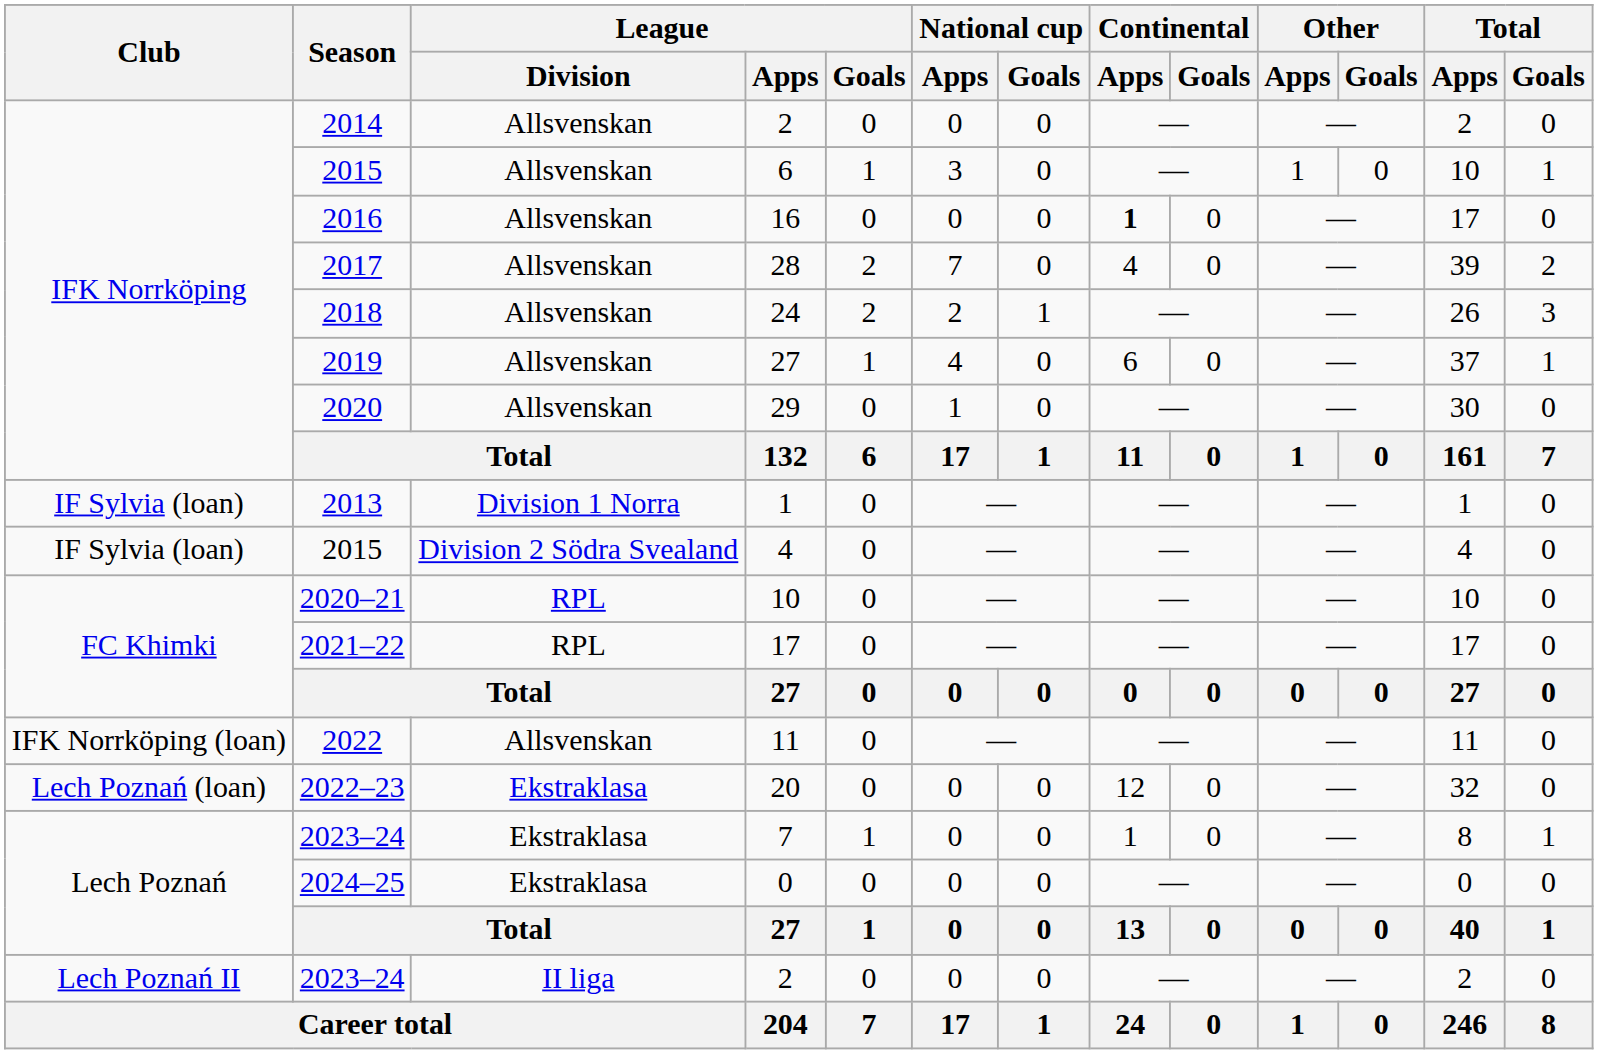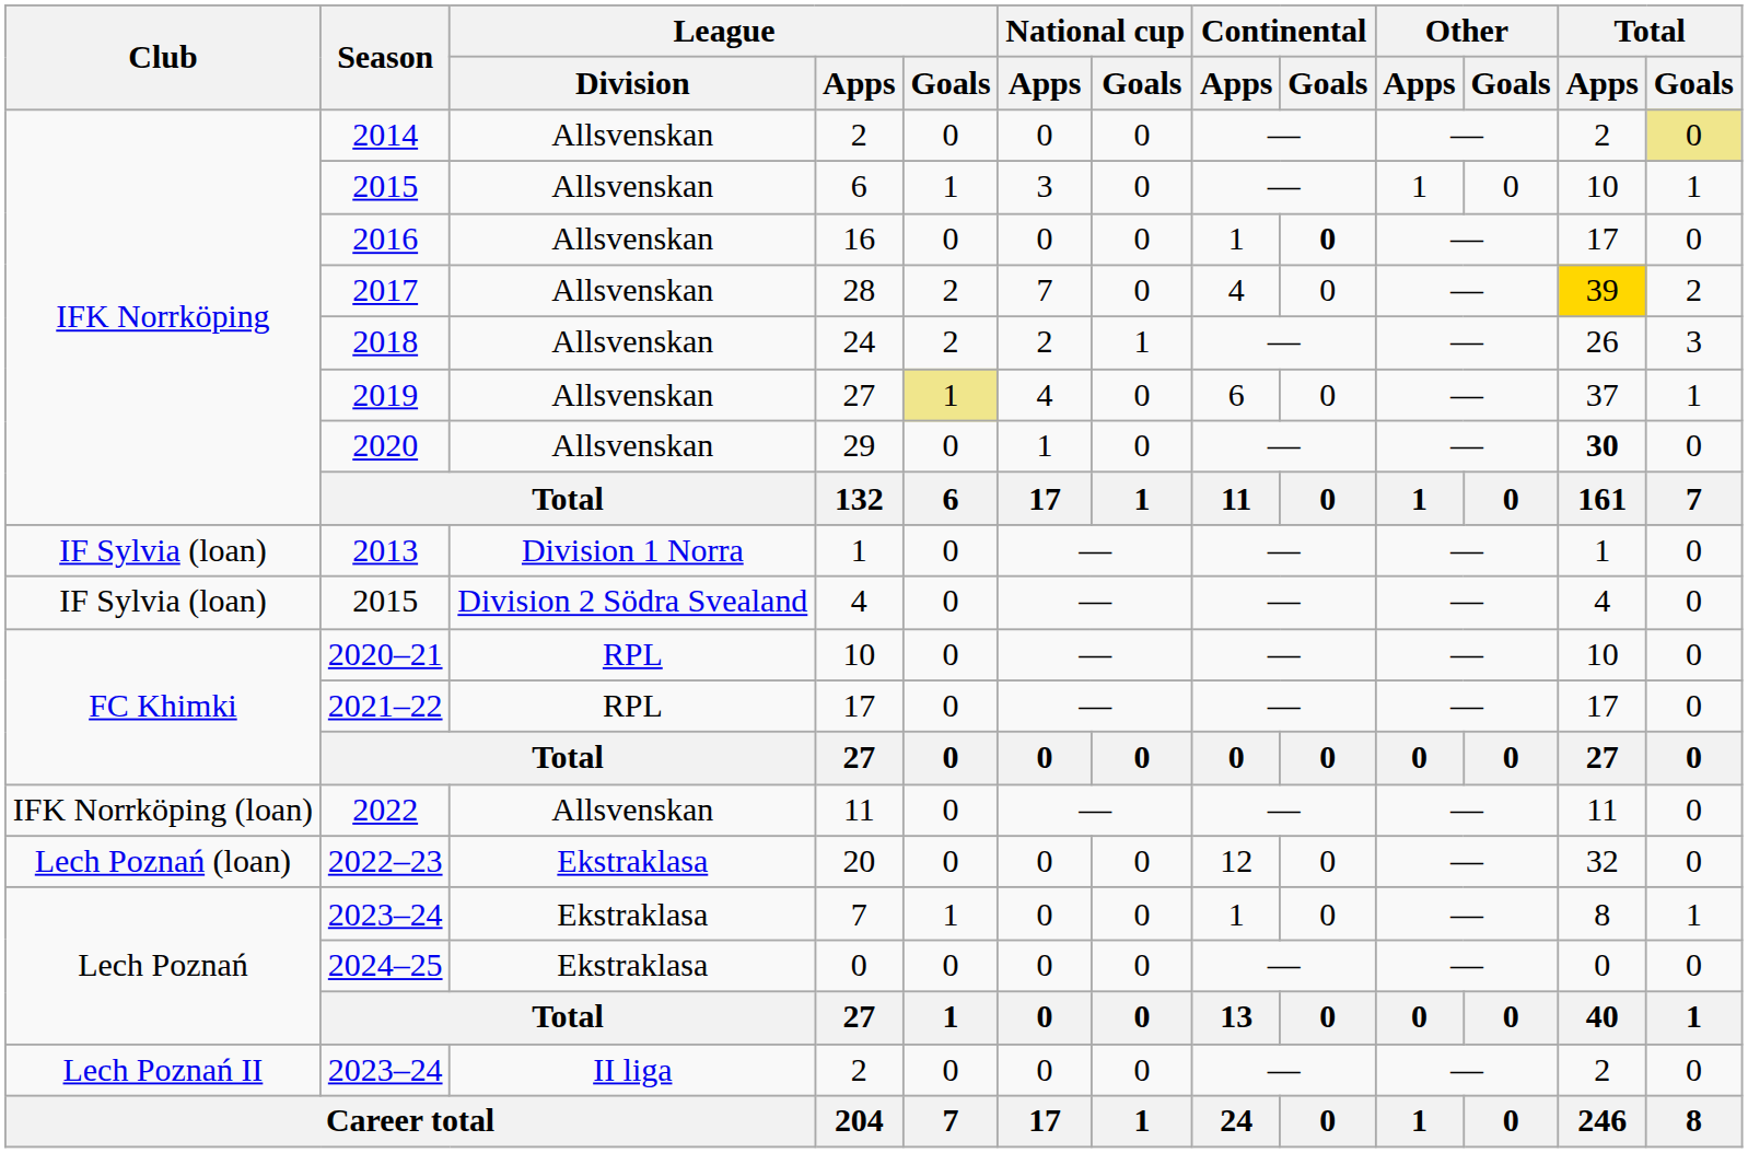 <table class="wikitable" style="text-align: center;">
 <tr>
 <th rowspan="2">Club</th>
 <th rowspan="2">Season</th>
 <th colspan="3">League</th>
 <th colspan="2">National cup</th>
 <th colspan="2">Continental</th>
 <th colspan="2">Other</th>
 <th colspan="2">Total</th>
 </tr>
 <tr>
 <th>Division</th>
 <th>Apps</th>
 <th>Goals</th>
 <th>Apps</th>
 <th>Goals</th>
 <th>Apps</th>
 <th>Goals</th>
 <th>Apps</th>
 <th>Goals</th>
 <th>Apps</th>
 <th>Goals</th>
 </tr>
 <tr>
 <td rowspan="8"><a href='#'>IFK Norrköping</a></td>
 <td><a href='#'>2014</a></td>
 <td>Allsvenskan</td>
 <td>2</td>
 <td>0</td>
 <td>0</td>
 <td>0</td>
 <td colspan="2">—</td>
 <td colspan="2">—</td>
 <td>2</td>
-<td>0</td>
+<td style="background: khaki;">0</td>
 </tr>
 <tr>
 <td><a href='#'>2015</a></td>
 <td>Allsvenskan</td>
 <td>6</td>
 <td>1</td>
 <td>3</td>
 <td>0</td>
 <td colspan="2">—</td>
 <td>1</td>
 <td>0</td>
 <td>10</td>
 <td>1</td>
 </tr>
 <tr>
 <td><a href='#'>2016</a></td>
 <td>Allsvenskan</td>
 <td>16</td>
 <td>0</td>
 <td>0</td>
 <td>0</td>
-<td><strong>1</strong></td>
-<td>0</td>
+<td>1</td>
+<td><strong>0</strong></td>
 <td colspan="2">—</td>
 <td>17</td>
 <td>0</td>
 </tr>
 <tr>
 <td><a href='#'>2017</a></td>
 <td>Allsvenskan</td>
 <td>28</td>
 <td>2</td>
 <td>7</td>
 <td>0</td>
 <td>4</td>
 <td>0</td>
 <td colspan="2">—</td>
-<td>39</td>
+<td style="background: gold;">39</td>
 <td>2</td>
 </tr>
 <tr>
 <td><a href='#'>2018</a></td>
 <td>Allsvenskan</td>
 <td>24</td>
 <td>2</td>
 <td>2</td>
 <td>1</td>
 <td colspan="2">—</td>
 <td colspan="2">—</td>
 <td>26</td>
 <td>3</td>
 </tr>
 <tr>
 <td><a href='#'>2019</a></td>
 <td>Allsvenskan</td>
 <td>27</td>
-<td>1</td>
+<td style="background: khaki;">1</td>
 <td>4</td>
 <td>0</td>
 <td>6</td>
 <td>0</td>
 <td colspan="2">—</td>
 <td>37</td>
 <td>1</td>
 </tr>
 <tr>
 <td><a href='#'>2020</a></td>
 <td>Allsvenskan</td>
 <td>29</td>
 <td>0</td>
 <td>1</td>
 <td>0</td>
 <td colspan="2">—</td>
 <td colspan="2">—</td>
-<td>30</td>
+<td><strong>30</strong></td>
 <td>0</td>
 </tr>
 <tr>
 <th colspan="2">Total</th>
 <th>132</th>
 <th>6</th>
 <th>17</th>
 <th>1</th>
 <th>11</th>
 <th>0</th>
 <th>1</th>
 <th>0</th>
 <th>161</th>
 <th>7</th>
 </tr>
 <tr>
 <td><a href='#'>IF Sylvia</a> (loan)</td>
 <td><a href='#'>2013</a></td>
 <td><a href='#'>Division 1 Norra</a></td>
 <td>1</td>
 <td>0</td>
 <td colspan="2">—</td>
 <td colspan="2">—</td>
 <td colspan="2">—</td>
 <td>1</td>
 <td>0</td>
 </tr>
 <tr>
 <td>IF Sylvia (loan)</td>
 <td>2015</td>
 <td><a href='#'>Division 2 Södra Svealand</a></td>
 <td>4</td>
 <td>0</td>
 <td colspan="2">—</td>
 <td colspan="2">—</td>
 <td colspan="2">—</td>
 <td>4</td>
 <td>0</td>
 </tr>
 <tr>
 <td rowspan="3"><a href='#'>FC Khimki</a></td>
 <td><a href='#'>2020–21</a></td>
 <td><a href='#'>RPL</a></td>
 <td>10</td>
 <td>0</td>
 <td colspan="2">—</td>
 <td colspan="2">—</td>
 <td colspan="2">—</td>
 <td>10</td>
 <td>0</td>
 </tr>
 <tr>
 <td><a href='#'>2021–22</a></td>
 <td>RPL</td>
 <td>17</td>
 <td>0</td>
 <td colspan="2">—</td>
 <td colspan="2">—</td>
 <td colspan="2">—</td>
 <td>17</td>
 <td>0</td>
 </tr>
 <tr>
 <th colspan="2">Total</th>
 <th>27</th>
 <th>0</th>
 <th>0</th>
 <th>0</th>
 <th>0</th>
 <th>0</th>
 <th>0</th>
 <th>0</th>
 <th>27</th>
 <th>0</th>
 </tr>
 <tr>
 <td>IFK Norrköping (loan)</td>
 <td><a href='#'>2022</a></td>
 <td>Allsvenskan</td>
 <td>11</td>
 <td>0</td>
 <td colspan="2">—</td>
 <td colspan="2">—</td>
 <td colspan="2">—</td>
 <td>11</td>
 <td>0</td>
 </tr>
 <tr>
 <td><a href='#'>Lech Poznań</a> (loan)</td>
 <td><a href='#'>2022–23</a></td>
 <td><a href='#'>Ekstraklasa</a></td>
 <td>20</td>
 <td>0</td>
 <td>0</td>
 <td>0</td>
 <td>12</td>
 <td>0</td>
 <td colspan="2">—</td>
 <td>32</td>
 <td>0</td>
 </tr>
 <tr>
 <td rowspan="3">Lech Poznań</td>
 <td><a href='#'>2023–24</a></td>
 <td>Ekstraklasa</td>
 <td>7</td>
 <td>1</td>
 <td>0</td>
 <td>0</td>
 <td>1</td>
 <td>0</td>
 <td colspan="2">—</td>
 <td>8</td>
 <td>1</td>
 </tr>
 <tr>
 <td><a href='#'>2024–25</a></td>
 <td>Ekstraklasa</td>
 <td>0</td>
 <td>0</td>
 <td>0</td>
 <td>0</td>
 <td colspan="2">—</td>
 <td colspan="2">—</td>
 <td>0</td>
 <td>0</td>
 </tr>
 <tr>
 <th colspan="2">Total</th>
 <th>27</th>
 <th>1</th>
 <th>0</th>
 <th>0</th>
 <th>13</th>
 <th>0</th>
 <th>0</th>
 <th>0</th>
 <th>40</th>
 <th>1</th>
 </tr>
 <tr>
 <td><a href='#'>Lech Poznań II</a></td>
 <td><a href='#'>2023–24</a></td>
 <td><a href='#'>II liga</a></td>
 <td>2</td>
 <td>0</td>
 <td>0</td>
 <td>0</td>
 <td colspan="2">—</td>
 <td colspan="2">—</td>
 <td>2</td>
 <td>0</td>
 </tr>
 <tr>
 <th colspan=3>Career total</th>
 <th>204</th>
 <th>7</th>
 <th>17</th>
 <th>1</th>
 <th>24</th>
 <th>0</th>
 <th>1</th>
 <th>0</th>
 <th>246</th>
 <th>8</th>
 </tr>
 </table>
